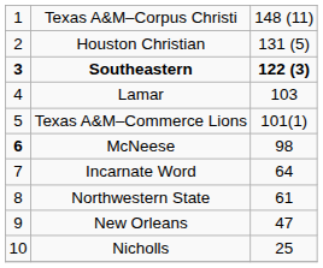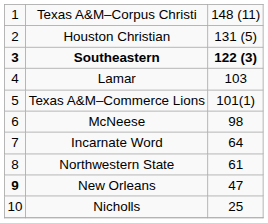 <table class="wikitable">
 <tr align="center">
 <td>1</td>
 <td>Texas A&M–Corpus Christi</td>
 <td>148 (11)</td>
 </tr>
 <tr align="center">
 <td>2</td>
 <td>Houston Christian</td>
 <td>131 (5)</td>
 </tr>
 <tr align="center">
 <td><strong>3</strong></td>
 <td><strong>Southeastern</strong></td>
 <td><strong>122 (3)</strong></td>
 </tr>
 <tr align="center">
 <td>4</td>
 <td>Lamar</td>
 <td>103</td>
 </tr>
 <tr align="center">
 <td>5</td>
 <td>Texas A&M–Commerce Lions</td>
 <td>101(1)</td>
 </tr>
 <tr align="center">
-<td><strong>6</strong></td>
+<td>6</td>
 <td>McNeese</td>
 <td>98</td>
 </tr>
 <tr align="center">
 <td>7</td>
 <td>Incarnate Word</td>
 <td>64</td>
 </tr>
 <tr align="center">
 <td>8</td>
 <td>Northwestern State</td>
 <td>61</td>
 </tr>
 <tr align="center">
-<td>9</td>
+<td><strong>9</strong></td>
 <td>New Orleans</td>
 <td>47</td>
 </tr>
 <tr align="center">
 <td>10</td>
 <td>Nicholls</td>
 <td>25</td>
 </tr>
 <tr align="center">
 </tr>
 </table>
